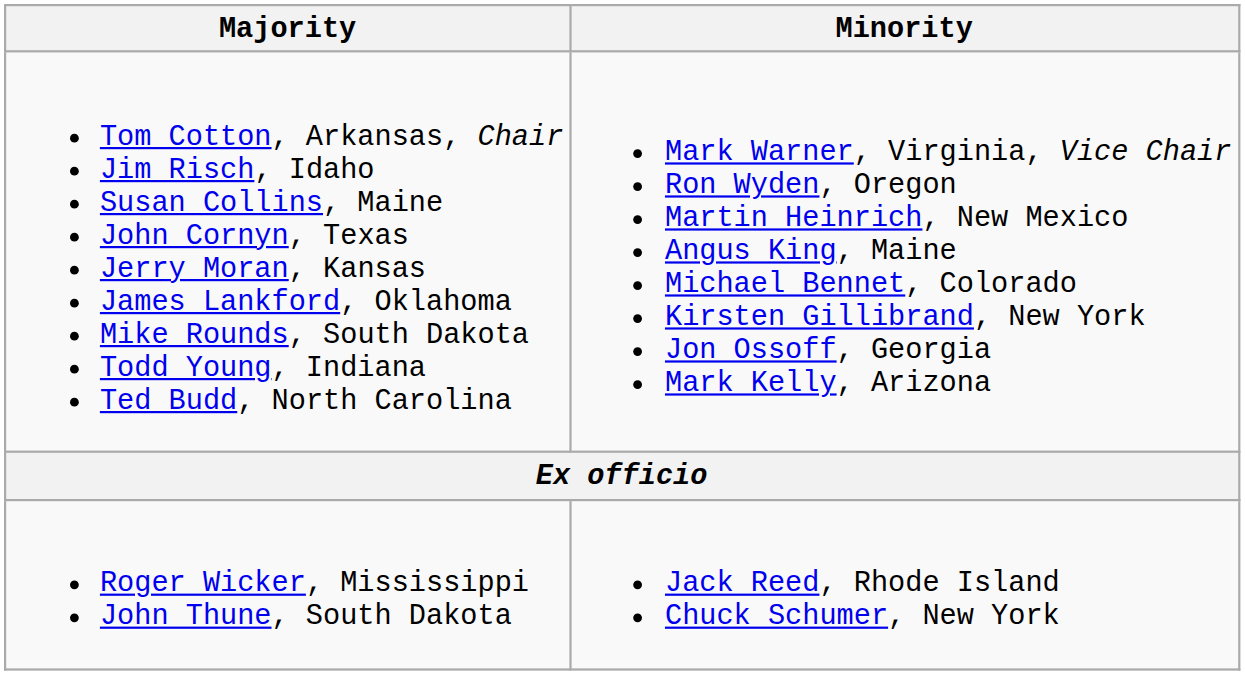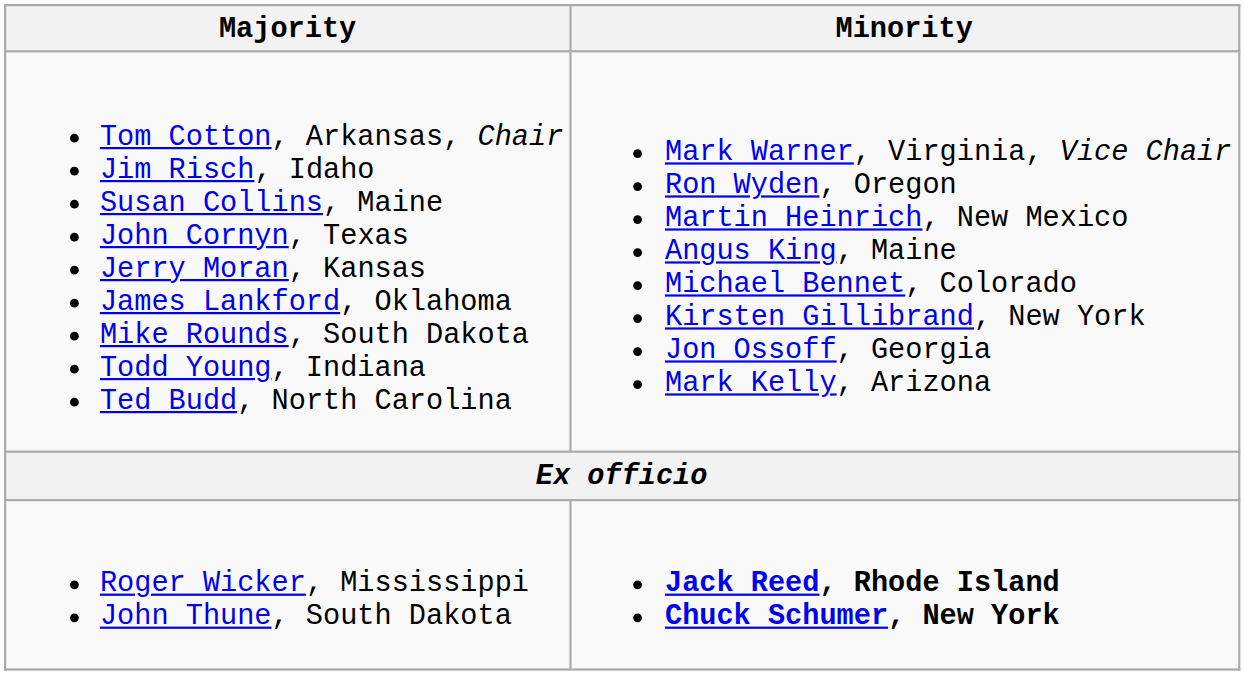 <table class=wikitable>
 <tr>
 <th>Majority</th>
 <th>Minority</th>
 </tr>
 <tr>
 <td><br><ul><li><a href='#'>Tom Cotton</a>, Arkansas, <em>Chair</em></li><li><a href='#'>Jim Risch</a>, Idaho</li><li><a href='#'>Susan Collins</a>, Maine</li><li><a href='#'>John Cornyn</a>, Texas</li><li><a href='#'>Jerry Moran</a>, Kansas</li><li><a href='#'>James Lankford</a>, Oklahoma</li><li><a href='#'>Mike Rounds</a>, South Dakota</li><li><a href='#'>Todd Young</a>, Indiana</li><li><a href='#'>Ted Budd</a>, North Carolina</li></ul></td>
 <td><br><ul><li><a href='#'>Mark Warner</a>, Virginia, <em>Vice Chair</em></li><li><a href='#'>Ron Wyden</a>, Oregon</li><li><a href='#'>Martin Heinrich</a>, New Mexico</li><li><span><a href='#'>Angus King</a>, Maine</span></li><li><a href='#'>Michael Bennet</a>, Colorado</li><li><a href='#'>Kirsten Gillibrand</a>, New York</li><li><a href='#'>Jon Ossoff</a>, Georgia</li><li><a href='#'>Mark Kelly</a>, Arizona</li></ul></td>
 </tr>
 <tr>
 <th colspan=2><em>Ex officio</em></th>
 </tr>
 <tr>
 <td><br><ul><li><a href='#'>Roger Wicker</a>, Mississippi</li><li><a href='#'>John Thune</a>, South Dakota</li></ul></td>
-<td><br><ul><li><a href='#'>Jack Reed</a>, Rhode Island</li><li><a href='#'>Chuck Schumer</a>, New York</li></ul></td>
+<td><strong><br><ul><li><a href='#'>Jack Reed</a>, Rhode Island</li><li><a href='#'>Chuck Schumer</a>, New York</li></ul></strong></td>
 </tr>
 </table>
